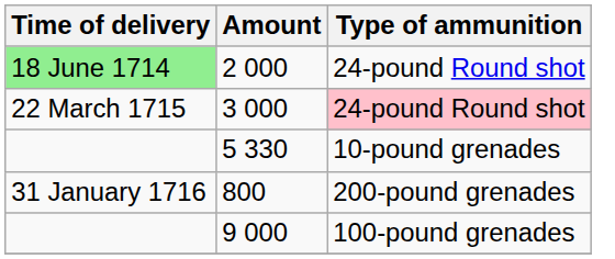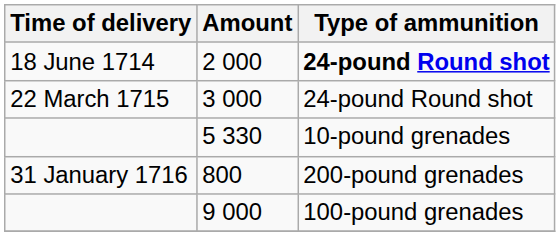 <table class="wikitable">
 <tr>
 <th>Time of delivery</th>
 <th>Amount</th>
 <th>Type of ammunition</th>
 </tr>
 <tr>
-<td style="background: lightgreen;">18 June 1714</td>
+<td>18 June 1714</td>
 <td>2 000</td>
-<td>24-pound <a href='#'>Round shot</a></td>
+<td><strong>24-pound <a href='#'>Round shot</a></strong></td>
 </tr>
 <tr>
 <td>22 March 1715</td>
 <td>3 000</td>
-<td style="background: pink;">24-pound Round shot</td>
+<td>24-pound Round shot</td>
 </tr>
 <tr>
 <td></td>
 <td>5 330</td>
 <td>10-pound grenades</td>
 </tr>
 <tr>
 <td>31 January 1716</td>
 <td>800</td>
 <td>200-pound grenades</td>
 </tr>
 <tr>
 <td></td>
 <td>9 000</td>
 <td>100-pound grenades</td>
 </tr>
 <tr>
 </tr>
 </table>
